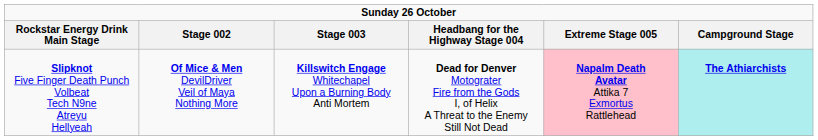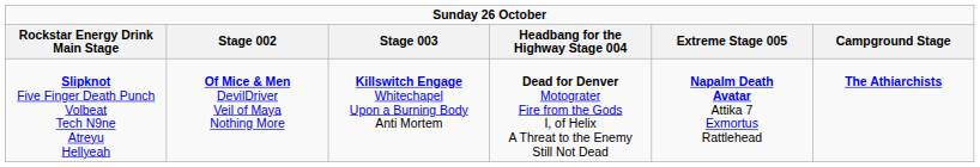 <table class="wikitable">
 <tr>
 <td colspan="6" style="text-align:center;"><strong>Sunday 26 October</strong></td>
 </tr>
 <tr>
 <th>Rockstar Energy Drink Main Stage</th>
 <th>Stage 002</th>
 <th>Stage 003</th>
 <th>Headbang for the Highway Stage 004</th>
 <th>Extreme Stage 005</th>
 <th>Campground Stage</th>
 </tr>
 <tr>
 <td style="text-align:center; vertical-align:top; width:200px;"><br><strong><a href='#'>Slipknot</a></strong><br> <a href='#'>Five Finger Death Punch</a><br> <a href='#'>Volbeat</a><br> <a href='#'>Tech N9ne</a><br> <a href='#'>Atreyu</a><br> <a href='#'>Hellyeah</a><br></td>
 <td style="text-align:center; vertical-align:top; width:200px;"><br><strong><a href='#'>Of Mice & Men</a></strong><br> <a href='#'>DevilDriver</a><br> <a href='#'>Veil of Maya</a><br> <a href='#'>Nothing More</a><br></td>
 <td style="text-align:center; vertical-align:top; width:200px;"><br><strong><a href='#'>Killswitch Engage</a></strong><br> <a href='#'>Whitechapel</a><br> <a href='#'>Upon a Burning Body</a><br>  Anti Mortem<br></td>
 <td style="text-align:center; vertical-align:top; width:200px;"><br><strong>Dead for Denver</strong><br> <a href='#'>Motograter</a><br> <a href='#'>Fire from the Gods</a><br> I, of Helix<br> A Threat to the Enemy<br> Still Not Dead<br></td>
-<td style="background: pink; text-align:center; vertical-align:top; width:200px;"><br><strong><a href='#'>Napalm Death</a></strong><br> <strong><a href='#'>Avatar</a></strong><br> Attika 7<br> <a href='#'>Exmortus</a><br> Rattlehead<br></td>
-<td style="background: paleturquoise; text-align:center; vertical-align:top; width:200px;"><br><strong><a href='#'>The Athiarchists</a></strong></td>
+<td style="text-align:center; vertical-align:top; width:200px;"><br><strong><a href='#'>Napalm Death</a></strong><br> <strong><a href='#'>Avatar</a></strong><br> Attika 7<br> <a href='#'>Exmortus</a><br> Rattlehead<br></td>
+<td style="text-align:center; vertical-align:top; width:200px;"><br><strong><a href='#'>The Athiarchists</a></strong></td>
 </tr>
 </table>
